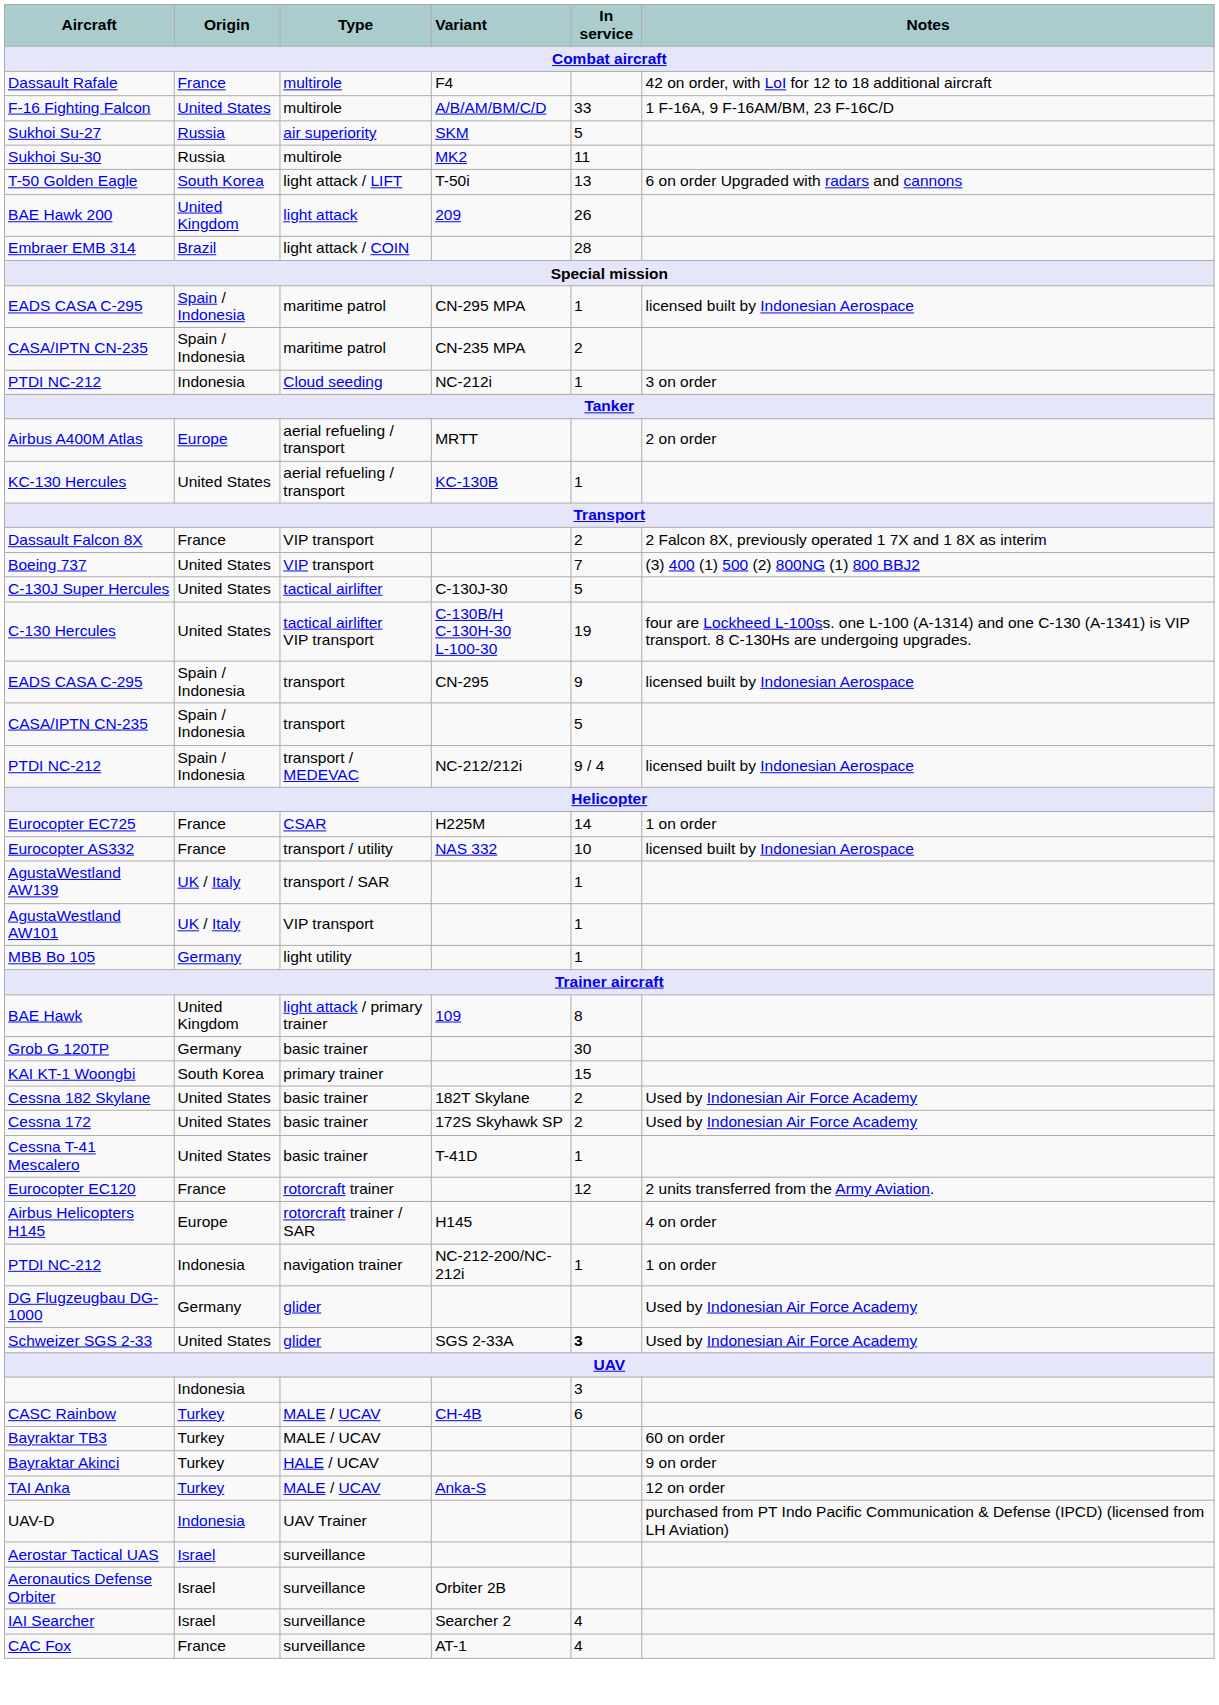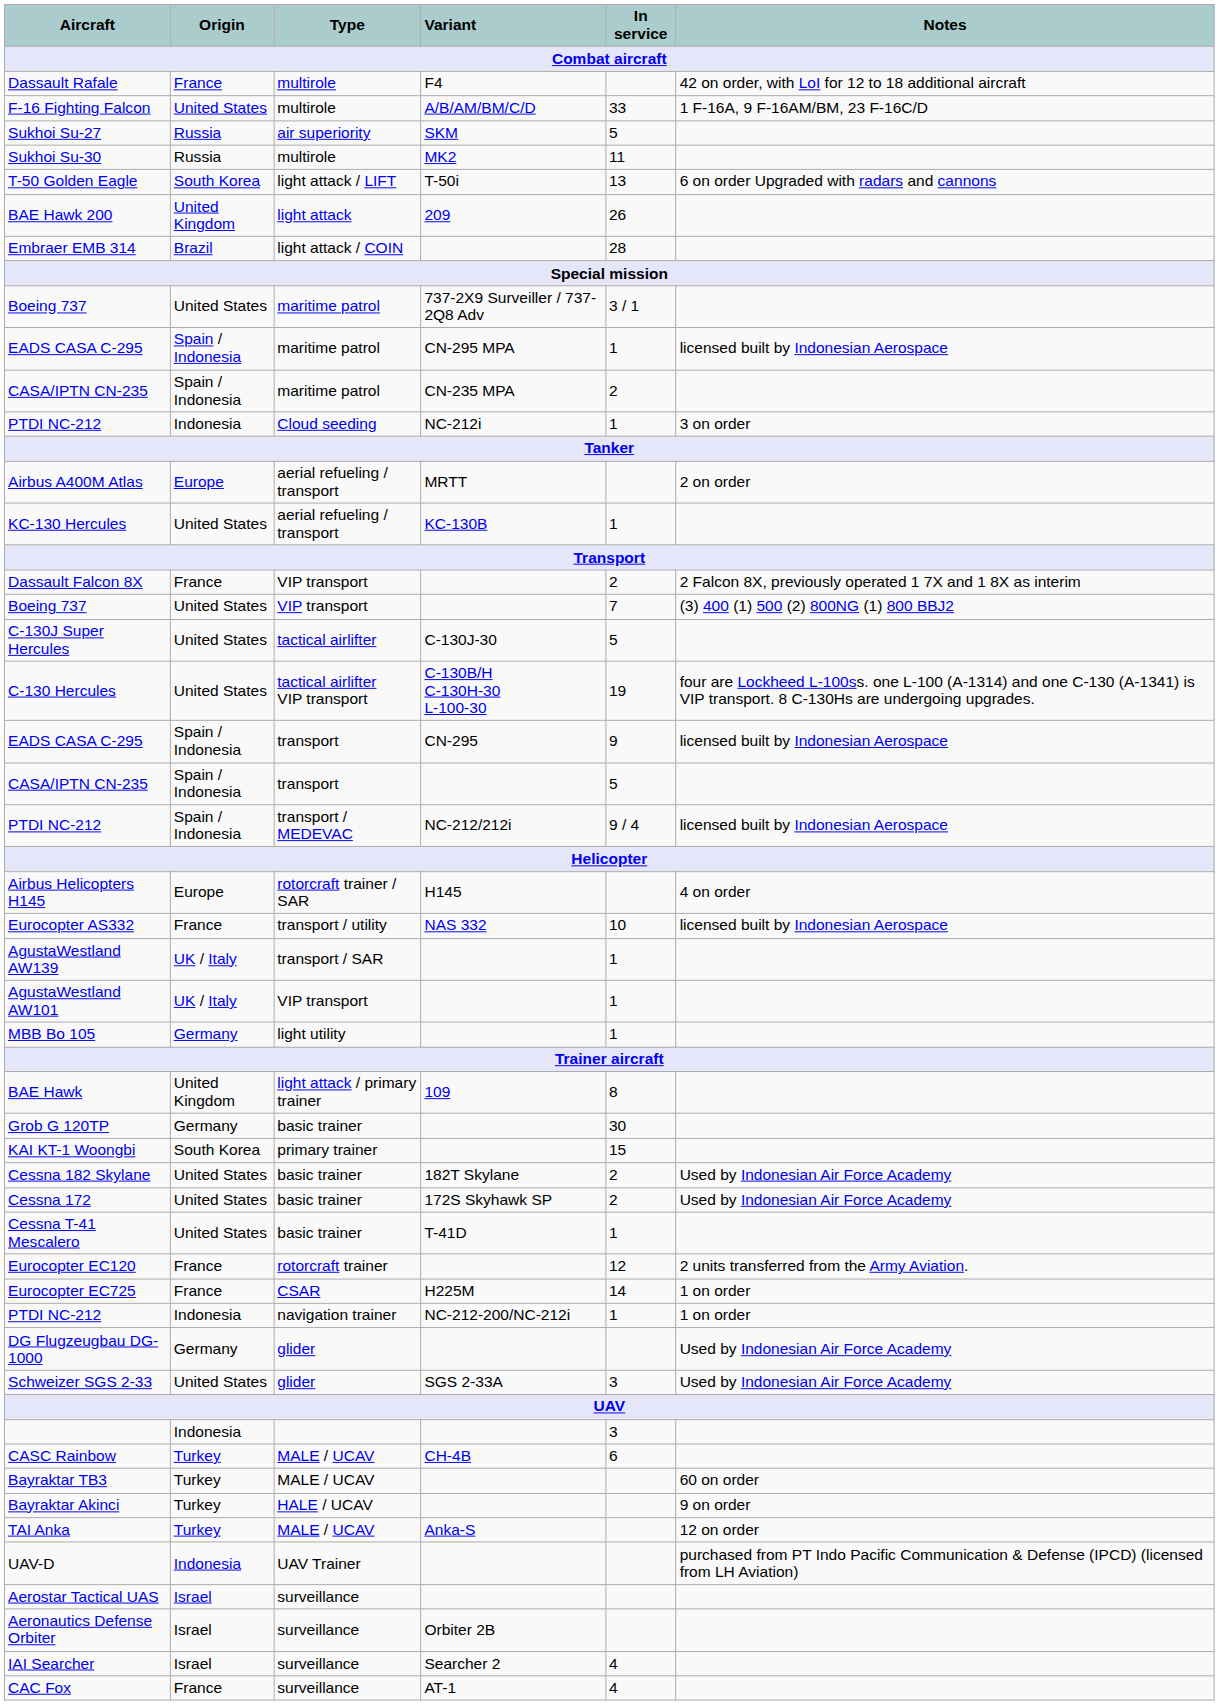 <table class="wikitable">
 <tr>
 <th style="text-align:center; background:#acc;">Aircraft</th>
 <th style="text-align: center; background:#acc;">Origin</th>
 <th style="text-align:l center; background:#acc;">Type</th>
 <th style="text-align:left; background:#acc;">Variant</th>
 <th style="text-align:center; background:#acc;">In service</th>
 <th style="text-align: center; background:#acc;">Notes</th>
 </tr>
 <tr>
 <th colspan="6" style="align: center; background: lavender;"><a href='#'>Combat aircraft</a></th>
 </tr>
 <tr>
 <td><a href='#'>Dassault Rafale</a></td>
 <td><a href='#'>France</a></td>
 <td><a href='#'>multirole</a></td>
 <td>F4</td>
 <td></td>
 <td>42 on order, with <a href='#'>LoI</a> for 12 to 18 additional aircraft</td>
 </tr>
 <tr>
 <td><a href='#'>F-16 Fighting Falcon</a></td>
 <td><a href='#'>United States</a></td>
 <td>multirole</td>
 <td><a href='#'>A/B/AM/BM/C/D</a></td>
 <td>33</td>
 <td>1 F-16A, 9 F-16AM/BM, 23 F-16C/D</td>
 </tr>
 <tr>
 <td><a href='#'>Sukhoi Su-27</a></td>
 <td><a href='#'>Russia</a></td>
 <td><a href='#'>air superiority</a></td>
 <td><a href='#'>SKM</a></td>
 <td>5</td>
 <td></td>
 </tr>
 <tr>
 <td><a href='#'>Sukhoi Su-30</a></td>
 <td>Russia</td>
 <td>multirole</td>
 <td><a href='#'>MK2</a></td>
 <td>11</td>
 <td></td>
 </tr>
 <tr>
 <td><a href='#'>T-50 Golden Eagle</a></td>
 <td><a href='#'>South Korea</a></td>
 <td>light attack / <a href='#'>LIFT</a></td>
 <td>T-50i</td>
 <td>13</td>
 <td>6 on order Upgraded with <a href='#'>radars</a> and <a href='#'>cannons</a></td>
 </tr>
 <tr>
 <td><a href='#'>BAE Hawk 200</a></td>
 <td><a href='#'>United Kingdom</a></td>
 <td><a href='#'>light attack</a></td>
 <td><a href='#'>209</a></td>
 <td>26</td>
 <td></td>
 </tr>
 <tr>
 <td><a href='#'>Embraer EMB 314</a></td>
 <td><a href='#'>Brazil</a></td>
 <td>light attack / <a href='#'>COIN</a></td>
 <td></td>
 <td>28</td>
 <td></td>
 </tr>
 <tr>
 <th colspan="6" style="align: center; background: lavender;">Special mission</th>
+</tr>
+<tr>
+<td><a href='#'>Boeing 737</a></td>
+<td>United States</td>
+<td><a href='#'>maritime patrol</a></td>
+<td>737-2X9 Surveiller / 737-2Q8 Adv</td>
+<td>3 / 1</td>
+<td></td>
 </tr>
 <tr>
 <td><a href='#'>EADS CASA C-295</a></td>
 <td><a href='#'>Spain</a> / <a href='#'>Indonesia</a></td>
 <td>maritime patrol</td>
 <td>CN-295 MPA</td>
 <td>1</td>
 <td>licensed built by <a href='#'>Indonesian Aerospace</a></td>
 </tr>
 <tr>
 <td><a href='#'>CASA/IPTN CN-235</a></td>
 <td>Spain / Indonesia</td>
 <td>maritime patrol</td>
 <td>CN-235 MPA</td>
 <td>2</td>
 <td></td>
 </tr>
 <tr>
 <td><a href='#'>PTDI NC-212</a></td>
 <td>Indonesia</td>
 <td><a href='#'>Cloud seeding</a></td>
 <td>NC-212i</td>
 <td>1</td>
 <td>3 on order</td>
 </tr>
 <tr>
 <th colspan="6" style="align: center; background: lavender;"><a href='#'>Tanker</a></th>
 </tr>
 <tr>
 <td><a href='#'>Airbus A400M Atlas</a></td>
 <td><a href='#'>Europe</a></td>
 <td>aerial refueling / transport</td>
 <td>MRTT</td>
 <td></td>
 <td>2 on order</td>
 </tr>
 <tr>
 <td><a href='#'>KC-130 Hercules</a></td>
 <td>United States</td>
 <td>aerial refueling / transport</td>
 <td><a href='#'>KC-130B</a></td>
 <td>1</td>
 <td></td>
 </tr>
 <tr>
 <th colspan="6" style="align: center; background: lavender;" style!><a href='#'>Transport</a></th>
 </tr>
 <tr>
 <td><a href='#'>Dassault Falcon 8X</a></td>
 <td>France</td>
 <td>VIP transport</td>
 <td></td>
 <td>2</td>
 <td>2 Falcon 8X, previously operated 1 7X and 1 8X as interim</td>
 </tr>
 <tr>
 <td><a href='#'>Boeing 737</a></td>
 <td>United States</td>
 <td><a href='#'>VIP</a> transport</td>
 <td></td>
 <td>7</td>
 <td>(3) <a href='#'>400</a> (1) <a href='#'>500</a> (2) <a href='#'>800NG</a> (1) <a href='#'>800 BBJ2</a></td>
 </tr>
 <tr>
 <td><a href='#'>C-130J Super Hercules</a></td>
 <td>United States</td>
 <td><a href='#'>tactical airlifter</a></td>
 <td>C-130J-30</td>
 <td>5</td>
 <td></td>
 </tr>
 <tr>
 <td><a href='#'>C-130 Hercules</a></td>
 <td>United States</td>
 <td><a href='#'>tactical airlifter</a><br>VIP transport</td>
 <td><a href='#'>C-130B/H</a><br><a href='#'>C-130H-30</a><br><a href='#'>L-100-30</a></td>
 <td>19</td>
 <td>four are <a href='#'>Lockheed L-100s</a>s. one L-100 (A-1314) and one C-130 (A-1341) is VIP transport. 8 C-130Hs are undergoing upgrades.</td>
 </tr>
 <tr>
 <td><a href='#'>EADS CASA C-295</a></td>
 <td>Spain / Indonesia</td>
 <td>transport</td>
 <td>CN-295</td>
 <td>9</td>
 <td>licensed built by <a href='#'>Indonesian Aerospace</a></td>
 </tr>
 <tr>
 <td><a href='#'>CASA/IPTN CN-235</a></td>
 <td>Spain / Indonesia</td>
 <td>transport</td>
 <td></td>
 <td>5</td>
 <td></td>
 </tr>
 <tr>
 <td><a href='#'>PTDI NC-212</a></td>
 <td>Spain / Indonesia</td>
 <td>transport / <a href='#'>MEDEVAC</a></td>
 <td>NC-212/212i</td>
 <td>9 / 4</td>
 <td>licensed built by <a href='#'>Indonesian Aerospace</a></td>
 </tr>
 <tr>
 <th colspan="6" style="align: center; background: lavender;"><a href='#'>Helicopter</a></th>
 </tr>
 <tr>
-<td><a href='#'>Eurocopter EC725</a></td>
-<td>France</td>
-<td><a href='#'>CSAR</a></td>
-<td>H225M</td>
-<td>14</td>
-<td>1 on order</td>
+<td><a href='#'>Airbus Helicopters H145</a></td>
+<td>Europe</td>
+<td><a href='#'>rotorcraft</a> trainer / SAR</td>
+<td>H145</td>
+<td></td>
+<td>4 on order</td>
 </tr>
 <tr>
 <td><a href='#'>Eurocopter AS332</a></td>
 <td>France</td>
 <td>transport / utility</td>
 <td><a href='#'>NAS 332</a></td>
 <td>10</td>
 <td>licensed built by <a href='#'>Indonesian Aerospace</a></td>
 </tr>
 <tr>
 <td><a href='#'>AgustaWestland AW139</a></td>
 <td><a href='#'>UK</a> / <a href='#'>Italy</a></td>
 <td>transport / SAR</td>
 <td></td>
 <td>1</td>
 <td></td>
 </tr>
 <tr>
 <td><a href='#'>AgustaWestland AW101</a></td>
 <td><a href='#'>UK</a> / <a href='#'>Italy</a></td>
 <td>VIP transport</td>
 <td></td>
 <td>1</td>
 <td></td>
 </tr>
 <tr>
 <td><a href='#'>MBB Bo 105</a></td>
 <td><a href='#'>Germany</a></td>
 <td>light utility</td>
 <td></td>
 <td>1</td>
 <td></td>
 </tr>
 <tr>
 <th colspan="6" style="align: center; background: lavender;"><a href='#'>Trainer aircraft</a></th>
 </tr>
 <tr>
 <td><a href='#'>BAE Hawk</a></td>
 <td>United Kingdom</td>
 <td><a href='#'>light attack</a> / primary trainer</td>
 <td><a href='#'>109</a></td>
 <td>8</td>
 <td></td>
 </tr>
 <tr>
 <td><a href='#'>Grob G 120TP</a></td>
 <td>Germany</td>
 <td>basic trainer</td>
 <td></td>
 <td>30</td>
 <td></td>
 </tr>
 <tr>
 <td><a href='#'>KAI KT-1 Woongbi</a></td>
 <td>South Korea</td>
 <td>primary trainer</td>
 <td></td>
 <td>15</td>
 <td></td>
 </tr>
 <tr>
 <td><a href='#'>Cessna 182 Skylane</a></td>
 <td>United States</td>
 <td>basic trainer</td>
 <td>182T Skylane</td>
 <td>2</td>
 <td>Used by <a href='#'>Indonesian Air Force Academy</a></td>
 </tr>
 <tr>
 <td><a href='#'>Cessna 172</a></td>
 <td>United States</td>
 <td>basic trainer</td>
 <td>172S Skyhawk SP</td>
 <td>2</td>
 <td>Used by <a href='#'>Indonesian Air Force Academy</a></td>
 </tr>
 <tr>
 <td><a href='#'>Cessna T-41 Mescalero</a></td>
 <td>United States</td>
 <td>basic trainer</td>
 <td>T-41D</td>
 <td>1</td>
 <td></td>
 </tr>
 <tr>
 <td><a href='#'>Eurocopter EC120</a></td>
 <td>France</td>
 <td><a href='#'>rotorcraft</a> trainer</td>
 <td></td>
 <td>12</td>
 <td>2 units transferred from the <a href='#'>Army Aviation</a>.</td>
 </tr>
 <tr>
-<td><a href='#'>Airbus Helicopters H145</a></td>
-<td>Europe</td>
-<td><a href='#'>rotorcraft</a> trainer / SAR</td>
-<td>H145</td>
-<td></td>
-<td>4 on order</td>
+<td><a href='#'>Eurocopter EC725</a></td>
+<td>France</td>
+<td><a href='#'>CSAR</a></td>
+<td>H225M</td>
+<td>14</td>
+<td>1 on order</td>
 </tr>
 <tr>
 <td><a href='#'>PTDI NC-212</a></td>
 <td>Indonesia</td>
 <td>navigation trainer</td>
 <td>NC-212-200/NC-212i</td>
 <td>1</td>
 <td>1 on order</td>
 </tr>
 <tr>
 <td><a href='#'>DG Flugzeugbau DG-1000</a></td>
 <td>Germany</td>
 <td><a href='#'>glider</a></td>
 <td></td>
 <td></td>
 <td>Used by <a href='#'>Indonesian Air Force Academy</a></td>
 </tr>
 <tr>
 <td><a href='#'>Schweizer SGS 2-33</a></td>
 <td>United States</td>
 <td><a href='#'>glider</a></td>
 <td>SGS 2-33A</td>
-<td><strong>3</strong></td>
+<td>3</td>
 <td>Used by <a href='#'>Indonesian Air Force Academy</a></td>
 </tr>
 <tr>
 <th colspan="6" style="align: center; background: lavender;"><a href='#'>UAV</a></th>
 </tr>
 <tr>
 <td></td>
 <td>Indonesia</td>
 <td></td>
 <td></td>
 <td>3</td>
 <td></td>
 </tr>
 <tr>
 <td><a href='#'>CASC Rainbow</a></td>
 <td><a href='#'>Turkey</a></td>
 <td><a href='#'>MALE</a> / <a href='#'>UCAV</a></td>
 <td><a href='#'>CH-4B</a></td>
 <td>6</td>
 <td></td>
 </tr>
 <tr>
 <td><a href='#'>Bayraktar TB3</a></td>
 <td>Turkey</td>
 <td>MALE / UCAV</td>
 <td></td>
 <td></td>
 <td>60 on order</td>
 </tr>
 <tr>
 <td><a href='#'>Bayraktar Akinci</a></td>
 <td>Turkey</td>
 <td><a href='#'>HALE</a> / UCAV</td>
 <td></td>
 <td></td>
 <td>9 on order</td>
 </tr>
 <tr>
 <td><a href='#'>TAI Anka</a></td>
 <td><a href='#'>Turkey</a></td>
 <td><a href='#'>MALE</a> / <a href='#'>UCAV</a></td>
 <td><a href='#'>Anka-S</a></td>
 <td></td>
 <td>12 on order</td>
 </tr>
 <tr>
 <td>UAV-D</td>
 <td><a href='#'>Indonesia</a></td>
 <td>UAV Trainer</td>
 <td></td>
 <td></td>
 <td>purchased from PT Indo Pacific Communication & Defense (IPCD) (licensed from LH Aviation)</td>
 </tr>
 <tr>
 <td><a href='#'>Aerostar Tactical UAS</a></td>
 <td><a href='#'>Israel</a></td>
 <td>surveillance</td>
 <td></td>
 <td></td>
 <td></td>
 </tr>
 <tr>
 <td><a href='#'>Aeronautics Defense Orbiter</a></td>
 <td>Israel</td>
 <td>surveillance</td>
 <td>Orbiter 2B</td>
 <td></td>
 <td></td>
 </tr>
 <tr>
 <td><a href='#'>IAI Searcher</a></td>
 <td>Israel</td>
 <td>surveillance</td>
 <td>Searcher 2</td>
 <td>4</td>
 <td></td>
 </tr>
 <tr>
 <td><a href='#'>CAC Fox</a></td>
 <td>France</td>
 <td>surveillance</td>
 <td>AT-1</td>
 <td>4</td>
 <td></td>
 </tr>
 </table>
